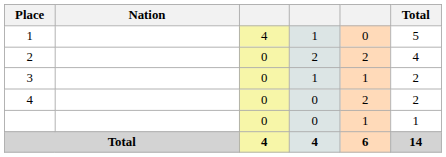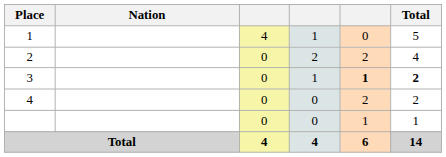 <table class=wikitable style="border:1px solid #AAAAAA;font-size:90%">
 <tr bgcolor="#EFEFEF">
 <th width=50>Place</th>
 <th width=200>Nation</th>
 <th width=50></th>
 <th width=50></th>
 <th width=50></th>
 <th width=50>Total</th>
 </tr>
 <tr align="center" valign="top" bgcolor="#FFFFFF">
 <td>1</td>
 <td align="left"></td>
 <td style="background:#F7F6A8;">4</td>
 <td style="background:#DCE5E5;">1</td>
 <td style="background:#FFDAB9;">0</td>
 <td>5</td>
 </tr>
 <tr align="center" valign="top" bgcolor="#FFFFFF">
 <td>2</td>
 <td align="left"></td>
 <td style="background:#F7F6A8;">0</td>
 <td style="background:#DCE5E5;">2</td>
 <td style="background:#FFDAB9;">2</td>
 <td>4</td>
 </tr>
 <tr align="center" valign="top" bgcolor="#FFFFFF">
 <td>3</td>
 <td align="left"></td>
 <td style="background:#F7F6A8;">0</td>
 <td style="background:#DCE5E5;">1</td>
-<td style="background:#FFDAB9;">1</td>
-<td>2</td>
+<td style="background:#FFDAB9;"><strong>1</strong></td>
+<td><strong>2</strong></td>
 </tr>
 <tr align="center" valign="top" bgcolor="#FFFFFF">
 <td>4</td>
 <td align="left"></td>
 <td style="background:#F7F6A8;">0</td>
 <td style="background:#DCE5E5;">0</td>
 <td style="background:#FFDAB9;">2</td>
 <td>2</td>
 </tr>
 <tr align="center" valign="top" bgcolor="#FFFFFF">
 <td></td>
 <td align="left"></td>
 <td style="background:#F7F6A8;">0</td>
 <td style="background:#DCE5E5;">0</td>
 <td style="background:#FFDAB9;">1</td>
 <td>1</td>
 </tr>
 <tr align="center">
 <td colspan="2" bgcolor=D3D3D3><strong>Total</strong></td>
 <td style="background:#F7F6A8;"><strong>4</strong></td>
 <td style="background:#DCE5E5;"><strong>4</strong></td>
 <td style="background:#FFDAB9;"><strong>6</strong></td>
 <td bgcolor=D3D3D3><strong>14</strong></td>
 </tr>
 </table>
